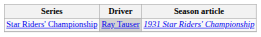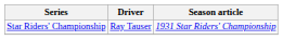 <table class="wikitable" style="font-size: 87%;">
 <tr>
 <th>Series</th>
 <th>Driver</th>
 <th>Season article</th>
 </tr>
 <tr>
 <td><a href='#'>Star Riders' Championship</a></td>
-<td style="background: lightgrey;"> <a href='#'>Ray Tauser</a></td>
+<td> <a href='#'>Ray Tauser</a></td>
 <td><em><a href='#'>1931 Star Riders' Championship</a></em></td>
 </tr>
 <tr>
 </tr>
 </table>
